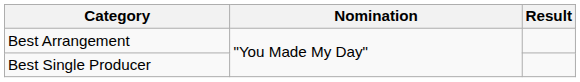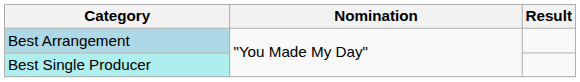 <table class="wikitable">
 <tr>
 <th width="230">Category</th>
 <th width="300">Nomination</th>
 <th>Result</th>
 </tr>
 <tr>
-<td>Best Arrangement</td>
+<td style="background: lightblue;">Best Arrangement</td>
 <td rowspan=2>"You Made My Day"</td>
 <td></td>
 </tr>
 <tr>
-<td>Best Single Producer</td>
+<td style="background: paleturquoise;">Best Single Producer</td>
 <td></td>
 </tr>
 </table>
